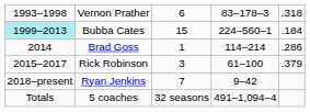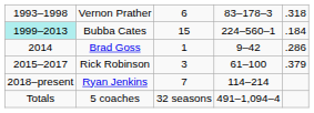 <table class="wikitable" style="text-align:center">
 <tr>
 <td>1993–1998</td>
 <td>Vernon Prather</td>
 <td>6</td>
 <td>83–178–3</td>
 <td>.318</td>
 </tr>
 <tr>
 <td style="background: paleturquoise;">1999–2013</td>
 <td>Bubba Cates</td>
 <td>15</td>
 <td>224–560–1</td>
 <td>.184</td>
 </tr>
 <tr>
 <td>2014</td>
 <td><a href='#'>Brad Goss</a></td>
 <td>1</td>
-<td>114–214</td>
+<td>9–42</td>
 <td>.286</td>
 </tr>
 <tr>
 <td>2015–2017</td>
 <td>Rick Robinson</td>
 <td>3</td>
 <td>61–100</td>
 <td>.379</td>
 </tr>
 <tr>
 <td>2018–present</td>
 <td><a href='#'>Ryan Jenkins</a></td>
 <td>7</td>
-<td>9–42</td>
+<td>114–214</td>
 <td></td>
 </tr>
 <tr class="sortbottom">
 <td>Totals</td>
 <td>5 coaches</td>
 <td>32 seasons</td>
 <td>491–1,094–4</td>
 <td></td>
 </tr>
 </table>
